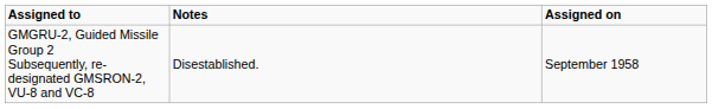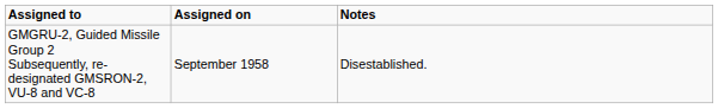 <table class="wikitable" style="width: 70%;">
 <tr>
 <td style="width: 200px;"><strong>Assigned to</strong></td>
+<td style="width: 200px;"><strong>Assigned on</strong></td>
 <td><strong>Notes</strong></td>
-<td style="width: 200px;"><strong>Assigned on</strong></td>
 </tr>
 <tr>
 <td>GMGRU-2, Guided Missile Group 2<br>Subsequently, re-designated GMSRON-2, VU-8 and VC-8</td>
+<td>September 1958</td>
 <td>Disestablished.</td>
-<td>September 1958</td>
 </tr>
 </table>
